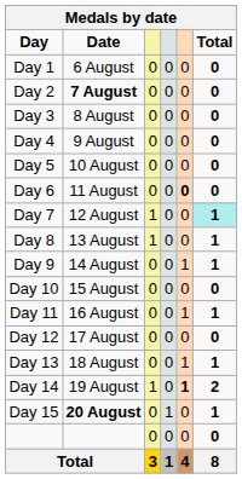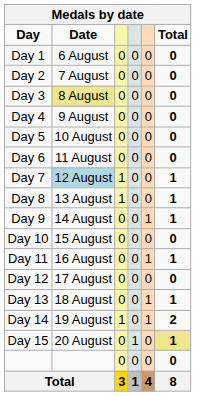 <table class=wikitable style="font-size:85%">
 <tr bgcolor=efefef>
 <th colspan=6>Medals by date</th>
 </tr>
 <tr align=center>
 <td><strong>Day</strong></td>
 <td><strong>Date</strong></td>
 <td bgcolor=#f7f6a8></td>
 <td bgcolor=#dce5e5></td>
 <td bgcolor=#ffdab9></td>
 <td><strong>Total</strong></td>
 </tr>
 <tr align=center>
 <td>Day 1</td>
 <td>6 August</td>
 <td bgcolor=F7F6A8>0</td>
 <td bgcolor=DCE5E5>0</td>
 <td bgcolor=FFDAB9>0</td>
 <td><strong> 0</strong></td>
 </tr>
 <tr align=center>
 <td>Day 2</td>
-<td><strong>7 August</strong></td>
+<td>7 August</td>
 <td bgcolor=F7F6A8>0</td>
 <td bgcolor=DCE5E5>0</td>
 <td bgcolor=FFDAB9>0</td>
 <td><strong> 0</strong></td>
 </tr>
 <tr align=center>
 <td>Day 3</td>
-<td>8 August</td>
+<td style="background: khaki;">8 August</td>
 <td bgcolor=F7F6A8>0</td>
 <td bgcolor=DCE5E5>0</td>
 <td bgcolor=FFDAB9>0</td>
 <td><strong> 0</strong></td>
 </tr>
 <tr align=center>
 <td>Day 4</td>
 <td>9 August</td>
 <td bgcolor=F7F6A8>0</td>
 <td bgcolor=DCE5E5>0</td>
 <td bgcolor=FFDAB9>0</td>
 <td><strong> 0</strong></td>
 </tr>
 <tr align=center>
 <td>Day 5</td>
 <td>10 August</td>
 <td bgcolor=F7F6A8>0</td>
 <td bgcolor=DCE5E5>0</td>
 <td bgcolor=FFDAB9>0</td>
 <td><strong> 0</strong></td>
 </tr>
 <tr align=center>
 <td>Day 6</td>
 <td>11 August</td>
 <td bgcolor=F7F6A8>0</td>
 <td bgcolor=DCE5E5>0</td>
-<td bgcolor=FFDAB9><strong>0</strong></td>
+<td bgcolor=FFDAB9>0</td>
 <td><strong> 0</strong></td>
 </tr>
 <tr align=center>
 <td>Day 7</td>
-<td>12 August</td>
+<td style="background: lightblue;">12 August</td>
 <td bgcolor=F7F6A8>1</td>
 <td bgcolor=DCE5E5>0</td>
 <td bgcolor=FFDAB9>0</td>
-<td style="background: paleturquoise;"><strong> 1</strong></td>
+<td><strong> 1</strong></td>
 </tr>
 <tr align=center>
 <td>Day 8</td>
 <td>13 August</td>
 <td bgcolor=F7F6A8>1</td>
 <td bgcolor=DCE5E5>0</td>
 <td bgcolor=FFDAB9>0</td>
 <td><strong> 1</strong></td>
 </tr>
 <tr align=center>
 <td>Day 9</td>
 <td>14 August</td>
 <td bgcolor=F7F6A8>0</td>
 <td bgcolor=DCE5E5>0</td>
 <td bgcolor=FFDAB9>1</td>
 <td><strong> 1</strong></td>
 </tr>
 <tr align=center>
 <td>Day 10</td>
 <td>15 August</td>
 <td bgcolor=F7F6A8>0</td>
 <td bgcolor=DCE5E5>0</td>
 <td bgcolor=FFDAB9>0</td>
 <td><strong> 0</strong></td>
 </tr>
 <tr align=center>
 <td>Day 11</td>
 <td>16 August</td>
 <td bgcolor=F7F6A8>0</td>
 <td bgcolor=DCE5E5>0</td>
 <td bgcolor=FFDAB9>1</td>
 <td><strong>1</strong></td>
 </tr>
 <tr align=center>
 <td>Day 12</td>
 <td>17 August</td>
 <td bgcolor=F7F6A8>0</td>
 <td bgcolor=DCE5E5>0</td>
 <td bgcolor=FFDAB9>0</td>
 <td><strong> 0</strong></td>
 </tr>
 <tr align=center>
 <td>Day 13</td>
 <td>18 August</td>
 <td bgcolor=F7F6A8>0</td>
 <td bgcolor=DCE5E5>0</td>
 <td bgcolor=FFDAB9>1</td>
 <td><strong> 1</strong></td>
 </tr>
 <tr align=center>
 <td>Day 14</td>
 <td>19 August</td>
 <td bgcolor=F7F6A8>1</td>
 <td bgcolor=DCE5E5>0</td>
-<td bgcolor=FFDAB9><strong>1</strong></td>
+<td bgcolor=FFDAB9>1</td>
 <td><strong> 2</strong></td>
 </tr>
 <tr align=center>
 <td>Day 15</td>
-<td><strong>20 August</strong></td>
+<td>20 August</td>
 <td bgcolor=F7F6A8>0</td>
 <td bgcolor=DCE5E5>1</td>
 <td bgcolor=FFDAB9>0</td>
-<td><strong>1</strong></td>
+<td style="background: khaki;"><strong>1</strong></td>
 </tr>
 <tr align=center>
 <td></td>
 <td></td>
 <td bgcolor=F7F6A8>0</td>
 <td bgcolor=DCE5E5>0</td>
 <td bgcolor=FFDAB9>0</td>
 <td><strong>0</strong></td>
 </tr>
 <tr>
 <th colspan=2>Total</th>
 <th style="background:gold">3</th>
 <th style="background:silver">1</th>
 <th style="background:#c96">4</th>
 <th>8</th>
 </tr>
 </table>
